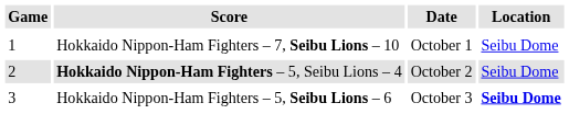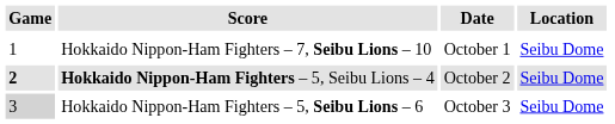 <table border="0" cellspacing="3" cellpadding="3">
 <tr style="background: #e3e3e3;">
 <th>Game</th>
 <th>Score</th>
 <th>Date</th>
 <th>Location</th>
 </tr>
 <tr style="background: #e3e3e3;">
 </tr>
 <tr>
 <td>1</td>
 <td>Hokkaido Nippon-Ham Fighters – 7, <strong>Seibu Lions</strong> – 10</td>
 <td>October 1</td>
 <td><a href='#'>Seibu Dome</a></td>
 </tr>
 <tr style="background: #e3e3e3;">
-<td>2</td>
+<td><strong>2</strong></td>
 <td><strong>Hokkaido Nippon-Ham Fighters</strong> – 5, Seibu Lions – 4</td>
 <td>October 2</td>
 <td><a href='#'>Seibu Dome</a></td>
 </tr>
 <tr>
-<td>3</td>
+<td style="background: lightgrey;">3</td>
 <td>Hokkaido Nippon-Ham Fighters – 5, <strong>Seibu Lions</strong> – 6</td>
 <td>October 3</td>
-<td><strong><a href='#'>Seibu Dome</a></strong></td>
+<td><a href='#'>Seibu Dome</a></td>
 </tr>
 </table>
